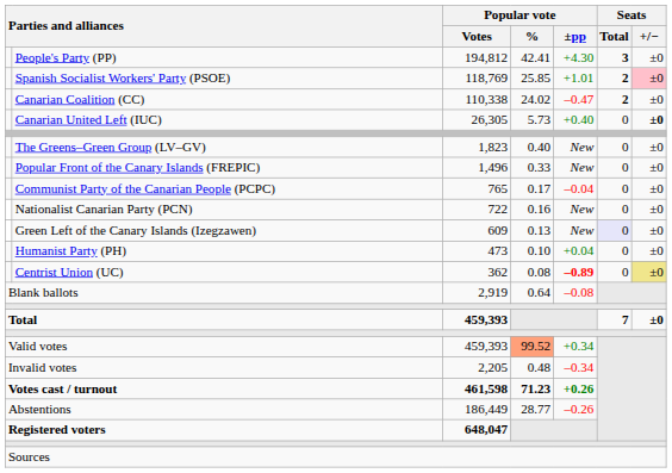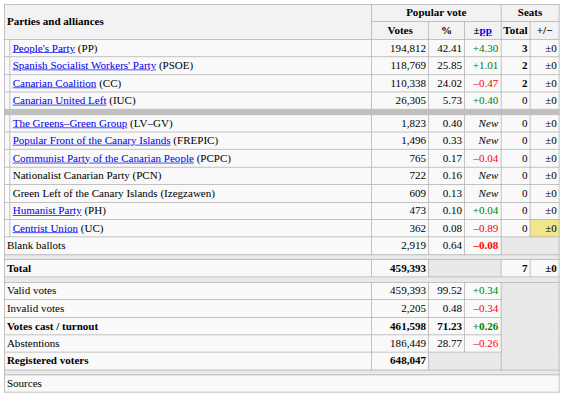 <table class="wikitable" style="text-align:right;">
 <tr>
 <th style="text-align:left;" rowspan="2" colspan="2" width="525">Parties and alliances</th>
 <th colspan="3">Popular vote</th>
 <th colspan="2">Seats</th>
 </tr>
 <tr>
 <th width="75">Votes</th>
 <th width="45">%</th>
 <th width="45">±<a href='#'>pp</a></th>
 <th width="35">Total</th>
 <th width="35">+/−</th>
 </tr>
 <tr>
 <td width="1" style="color:inherit;background:"></td>
 <td align="left"><a href='#'>People's Party</a> (PP)</td>
 <td>194,812</td>
 <td>42.41</td>
 <td style="color:green;">+4.30</td>
 <td><strong>3</strong></td>
 <td>±0</td>
 </tr>
 <tr>
 <td style="color:inherit;background:"></td>
 <td align="left"><a href='#'>Spanish Socialist Workers' Party</a> (PSOE)</td>
 <td>118,769</td>
 <td>25.85</td>
 <td style="color:green;">+1.01</td>
 <td><strong>2</strong></td>
-<td style="background: pink;">±0</td>
+<td>±0</td>
 </tr>
 <tr>
 <td style="color:inherit;background:"></td>
 <td align="left"><a href='#'>Canarian Coalition</a> (CC)</td>
 <td>110,338</td>
 <td>24.02</td>
 <td style="color:red;">–0.47</td>
 <td><strong>2</strong></td>
 <td>±0</td>
 </tr>
 <tr>
 <td style="color:inherit;background:"></td>
 <td align="left"><a href='#'>Canarian United Left</a> (IUC)</td>
 <td>26,305</td>
 <td>5.73</td>
 <td style="color:green;">+0.40</td>
 <td>0</td>
-<td><strong>±0</strong></td>
+<td>±0</td>
 </tr>
 <tr>
 <td colspan="7" bgcolor="#C0C0C0"></td>
 </tr>
 <tr>
 <td style="color:inherit;background:"></td>
 <td align="left"><a href='#'>The Greens–Green Group</a> (LV–GV)</td>
 <td>1,823</td>
 <td>0.40</td>
 <td><em>New</em></td>
 <td>0</td>
 <td>±0</td>
 </tr>
 <tr>
 <td style="color:inherit;background:"></td>
 <td align="left"><a href='#'>Popular Front of the Canary Islands</a> (FREPIC)</td>
 <td>1,496</td>
 <td>0.33</td>
 <td><em>New</em></td>
 <td>0</td>
 <td>±0</td>
 </tr>
 <tr>
 <td style="color:inherit;background:"></td>
 <td align="left"><a href='#'>Communist Party of the Canarian People</a> (PCPC)</td>
 <td>765</td>
 <td>0.17</td>
 <td style="color:red;">–0.04</td>
 <td>0</td>
 <td>±0</td>
 </tr>
 <tr>
 <td bgcolor="white"></td>
 <td align="left">Nationalist Canarian Party (PCN)</td>
 <td>722</td>
 <td>0.16</td>
 <td><em>New</em></td>
 <td>0</td>
 <td>±0</td>
 </tr>
 <tr>
 <td bgcolor="white"></td>
 <td align="left">Green Left of the Canary Islands (Izegzawen)</td>
 <td>609</td>
 <td>0.13</td>
 <td><em>New</em></td>
-<td style="background: lavender;">0</td>
+<td>0</td>
 <td>±0</td>
 </tr>
 <tr>
 <td style="color:inherit;background:"></td>
 <td align="left"><a href='#'>Humanist Party</a> (PH)</td>
 <td>473</td>
 <td>0.10</td>
 <td style="color:green;">+0.04</td>
 <td>0</td>
 <td>±0</td>
 </tr>
 <tr>
 <td style="color:inherit;background:"></td>
 <td align="left"><a href='#'>Centrist Union</a> (UC)</td>
 <td>362</td>
 <td>0.08</td>
-<td style="color:red;"><strong>–0.89</strong></td>
+<td style="color:red;">–0.89</td>
 <td>0</td>
 <td style="background: khaki;">±0</td>
 </tr>
 <tr>
 <td align="left" colspan="2">Blank ballots</td>
 <td>2,919</td>
 <td>0.64</td>
-<td style="color:red;">–0.08</td>
+<td style="color:red;"><strong>–0.08</strong></td>
 <td bgcolor="#E9E9E9" colspan="2"></td>
 </tr>
 <tr>
 <td colspan="7" bgcolor="#E9E9E9"></td>
 </tr>
 <tr style="font-weight:bold;">
 <td align="left" colspan="2">Total</td>
 <td>459,393</td>
 <td bgcolor="#E9E9E9" colspan="2"></td>
 <td>7</td>
 <td>±0</td>
 </tr>
 <tr>
 <td colspan="7" bgcolor="#E9E9E9"></td>
 </tr>
 <tr>
 <td align="left" colspan="2">Valid votes</td>
 <td>459,393</td>
-<td style="background: lightsalmon;">99.52</td>
+<td>99.52</td>
 <td style="color:green;">+0.34</td>
 <td bgcolor="#E9E9E9" colspan="2" rowspan="5"></td>
 </tr>
 <tr>
 <td align="left" colspan="2">Invalid votes</td>
 <td>2,205</td>
 <td>0.48</td>
 <td style="color:red;">–0.34</td>
 </tr>
 <tr style="font-weight:bold;">
 <td align="left" colspan="2">Votes cast / turnout</td>
 <td>461,598</td>
 <td>71.23</td>
 <td style="color:green;">+0.26</td>
 </tr>
 <tr>
 <td align="left" colspan="2">Abstentions</td>
 <td>186,449</td>
 <td>28.77</td>
 <td style="color:red;">–0.26</td>
 </tr>
 <tr style="font-weight:bold;">
 <td align="left" colspan="2">Registered voters</td>
 <td>648,047</td>
 <td bgcolor="#E9E9E9" colspan="2"></td>
 </tr>
 <tr>
 <td colspan="7" bgcolor="#E9E9E9"></td>
 </tr>
 <tr>
 <td align="left" colspan="7">Sources</td>
 </tr>
 </table>
